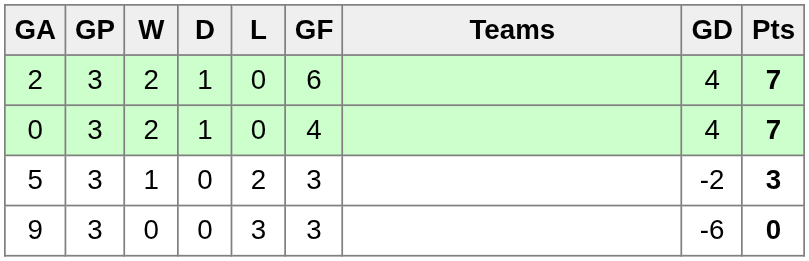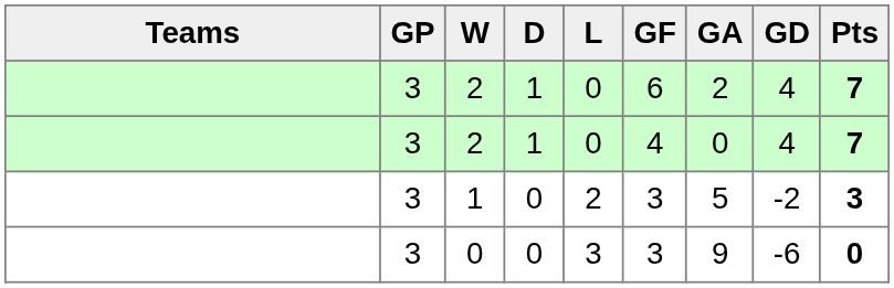 <table style=border-collapse:collapse border=1 cellspacing=0 cellpadding=5>
 <tr align=center bgcolor=#efefef>
-<th width=20>GA</th>
+<th width=185>Teams</th>
 <th width=20>GP</th>
 <th width=20>W</th>
 <th width=20>D</th>
 <th width=20>L</th>
 <th width=20>GF</th>
-<th width=185>Teams</th>
+<th width=20>GA</th>
 <th width=20>GD</th>
 <th width=20>Pts</th>
 </tr>
 <tr align=center style="background:#ccffcc;">
-<td>2</td>
+<td style="text-align:left;"></td>
 <td>3</td>
 <td>2</td>
 <td>1</td>
 <td>0</td>
 <td>6</td>
-<td style="text-align:left;"></td>
+<td>2</td>
 <td>4</td>
 <td><strong>7</strong></td>
 </tr>
 <tr align=center style="background:#ccffcc;">
-<td>0</td>
+<td style="text-align:left;"></td>
 <td>3</td>
 <td>2</td>
 <td>1</td>
 <td>0</td>
 <td>4</td>
-<td style="text-align:left;"></td>
+<td>0</td>
 <td>4</td>
 <td><strong>7</strong></td>
 </tr>
 <tr align=center>
-<td>5</td>
+<td style="text-align:left;"></td>
 <td>3</td>
 <td>1</td>
 <td>0</td>
 <td>2</td>
 <td>3</td>
-<td style="text-align:left;"></td>
+<td>5</td>
 <td>-2</td>
 <td><strong>3</strong></td>
 </tr>
 <tr align=center>
-<td>9</td>
+<td style="text-align:left;"></td>
 <td>3</td>
 <td>0</td>
 <td>0</td>
 <td>3</td>
 <td>3</td>
-<td style="text-align:left;"></td>
+<td>9</td>
 <td>-6</td>
 <td><strong>0</strong></td>
 </tr>
 </table>
